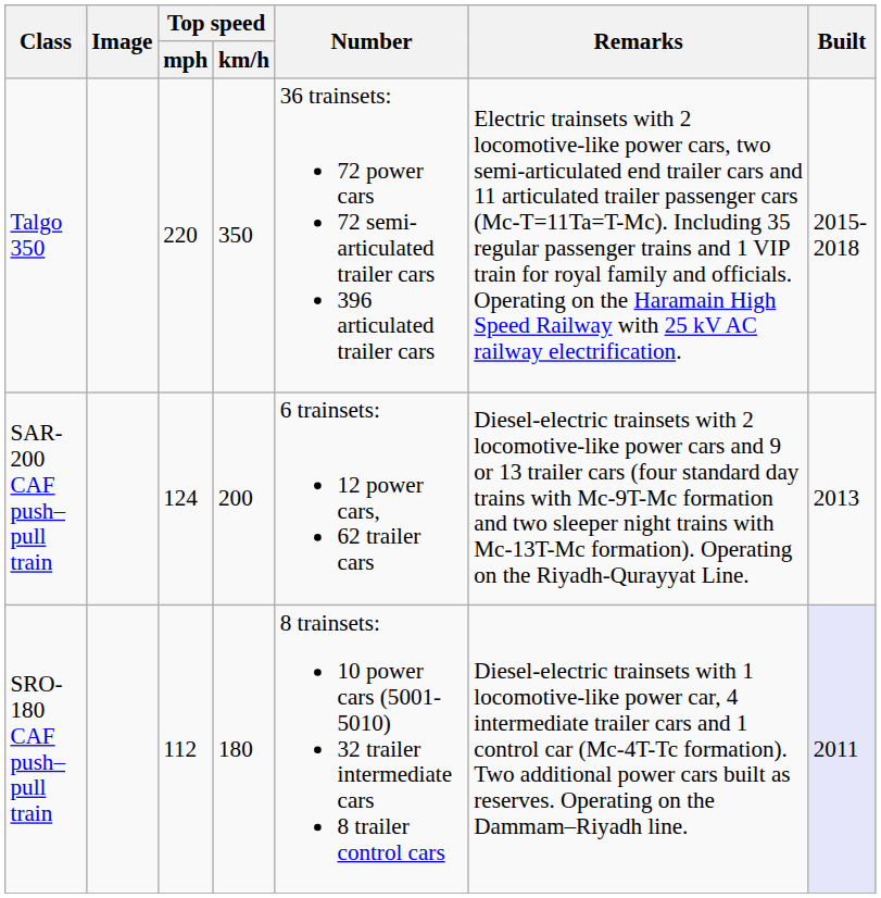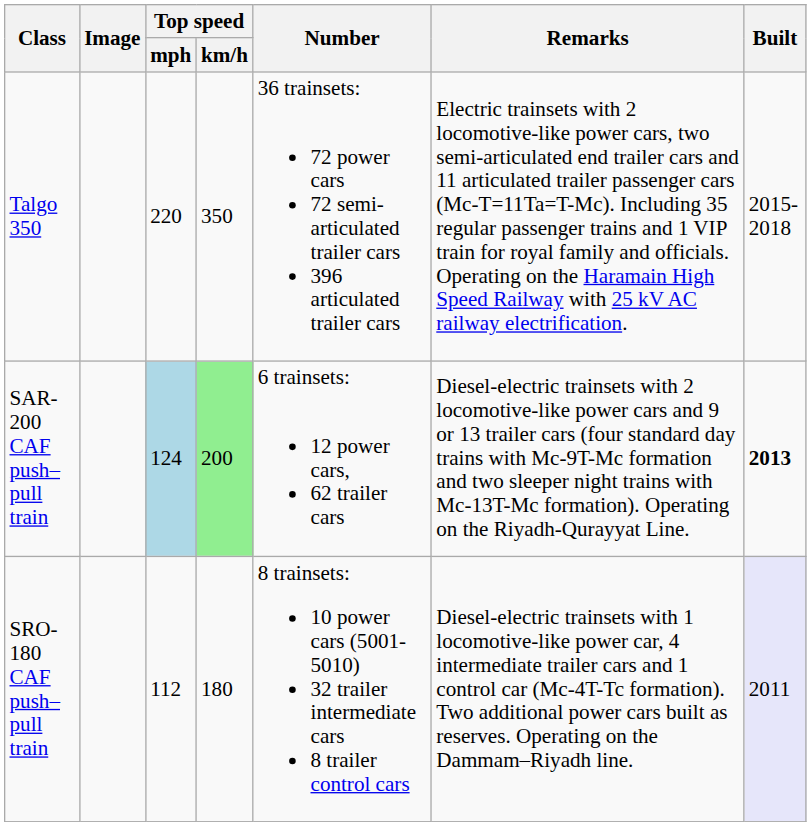 <table class="wikitable sortable">
 <tr style="background:#f9f9f9;">
 <th rowspan="2">Class</th>
 <th rowspan="2">Image</th>
 <th colspan="2">Top speed</th>
 <th rowspan="2">Number</th>
 <th rowspan="2">Remarks</th>
 <th rowspan="2">Built</th>
 </tr>
 <tr style="background:#f9f9f9;">
 <th>mph</th>
 <th>km/h</th>
 </tr>
 <tr>
 <td><a href='#'>Talgo</a> <a href='#'>350</a></td>
 <td></td>
 <td>220</td>
 <td>350</td>
 <td>36 trainsets:<br><br><ul><li>72 power cars</li><li>72 semi-articulated trailer cars</li><li>396 articulated trailer cars</li></ul></td>
 <td>Electric trainsets with 2 locomotive-like power cars, two semi-articulated end trailer cars and 11 articulated trailer passenger cars (Mc-T=11Ta=T-Mc). Including 35 regular passenger trains and 1 VIP train for royal family and officials. Operating on the <a href='#'>Haramain High Speed Railway</a> with <a href='#'>25 kV AC railway electrification</a>.</td>
 <td>2015-2018</td>
 </tr>
 <tr>
 <td>SAR-200 <a href='#'>CAF</a> <a href='#'>push–pull train</a></td>
 <td></td>
-<td>124</td>
-<td>200</td>
+<td style="background: lightblue;">124</td>
+<td style="background: lightgreen;">200</td>
 <td>6 trainsets:<br><br><ul><li>12 power cars,</li><li>62 trailer cars</li></ul></td>
 <td>Diesel-electric trainsets with 2 locomotive-like power cars and 9 or 13 trailer cars (four standard day trains with Mc-9T-Mc formation and two sleeper night trains with Mc-13T-Mc formation). Operating on the Riyadh-Qurayyat Line.</td>
-<td>2013</td>
+<td><strong>2013</strong></td>
 </tr>
 <tr>
 <td>SRO-180 <a href='#'>CAF</a> <a href='#'>push–pull train</a></td>
 <td></td>
 <td>112</td>
 <td>180</td>
 <td>8 trainsets:<br><ul><li>10 power cars (5001-5010)</li><li>32 trailer intermediate cars</li><li>8 trailer <a href='#'>control cars</a></li></ul></td>
 <td>Diesel-electric trainsets with 1 locomotive-like power car, 4 intermediate trailer cars and 1 control car (Mc-4T-Tc formation). Two additional power cars built as reserves. Operating on the Dammam–Riyadh line.</td>
 <td style="background: lavender;">2011</td>
 </tr>
 </table>
